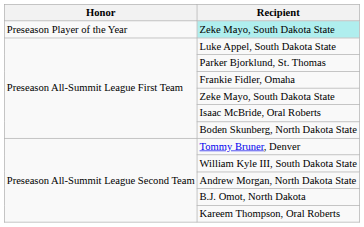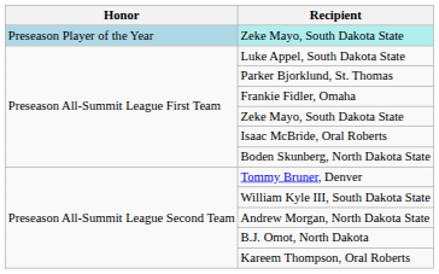 <table class="wikitable" border="1">
 <tr>
 <th>Honor</th>
 <th>Recipient</th>
 </tr>
 <tr>
-<td>Preseason Player of the Year</td>
+<td style="background: lightblue;">Preseason Player of the Year</td>
 <td style="background: paleturquoise;">Zeke Mayo, South Dakota State</td>
 </tr>
 <tr>
 <td rowspan=6>Preseason All-Summit League First Team</td>
 <td>Luke Appel, South Dakota State</td>
 </tr>
 <tr>
 <td>Parker Bjorklund, St. Thomas</td>
 </tr>
 <tr>
 <td>Frankie Fidler, Omaha</td>
 </tr>
 <tr>
 <td>Zeke Mayo, South Dakota State</td>
 </tr>
 <tr>
 <td>Isaac McBride, Oral Roberts</td>
 </tr>
 <tr>
 <td>Boden Skunberg, North Dakota State</td>
 </tr>
 <tr>
 <td rowspan=5>Preseason All-Summit League Second Team</td>
 <td><a href='#'>Tommy Bruner</a>, Denver</td>
 </tr>
 <tr>
 <td>William Kyle III, South Dakota State</td>
 </tr>
 <tr>
 <td>Andrew Morgan, North Dakota State</td>
 </tr>
 <tr>
 <td>B.J. Omot, North Dakota</td>
 </tr>
 <tr>
 <td>Kareem Thompson, Oral Roberts</td>
 </tr>
 </table>
